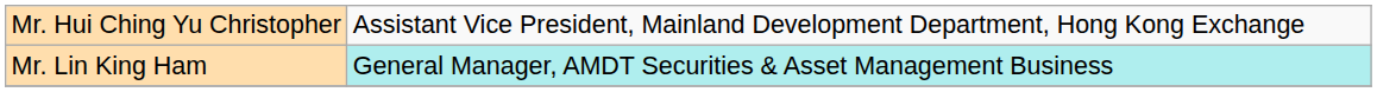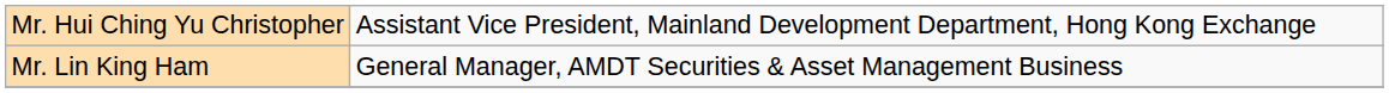 <table class="wikitable">
 <tr>
 <td style="background: #ffdead" width="25%">Mr. Hui Ching Yu Christopher</td>
 <td>Assistant Vice President, Mainland Development Department, Hong Kong Exchange</td>
 </tr>
 <tr>
 <td style="background: #ffdead" width="25%">Mr. Lin King Ham</td>
-<td style="background: paleturquoise;">General Manager, AMDT Securities & Asset Management Business</td>
+<td>General Manager, AMDT Securities & Asset Management Business</td>
 </tr>
 <tr>
 </tr>
 </table>
